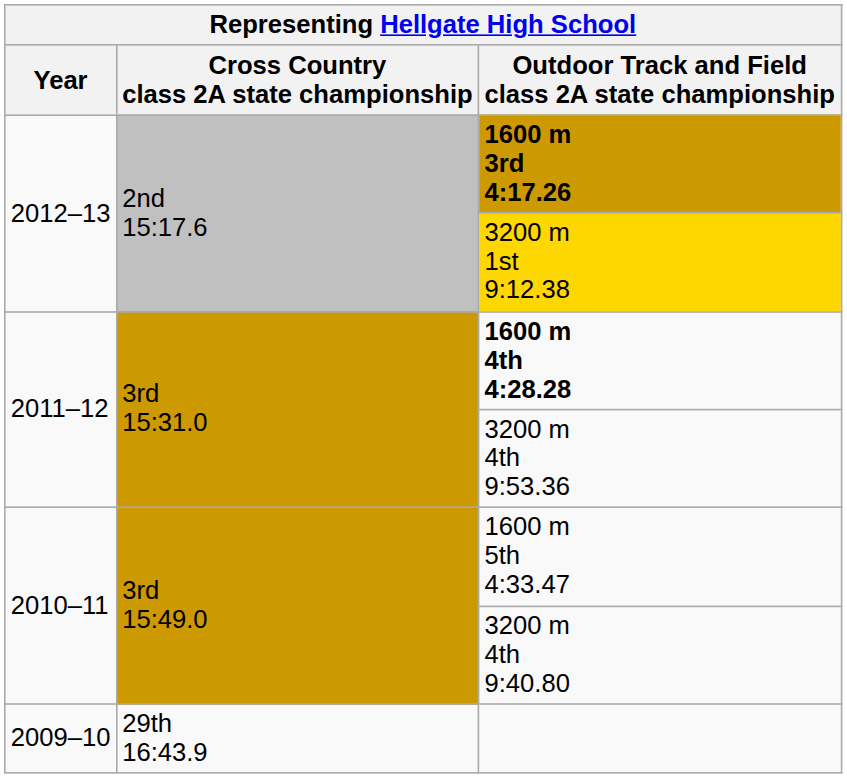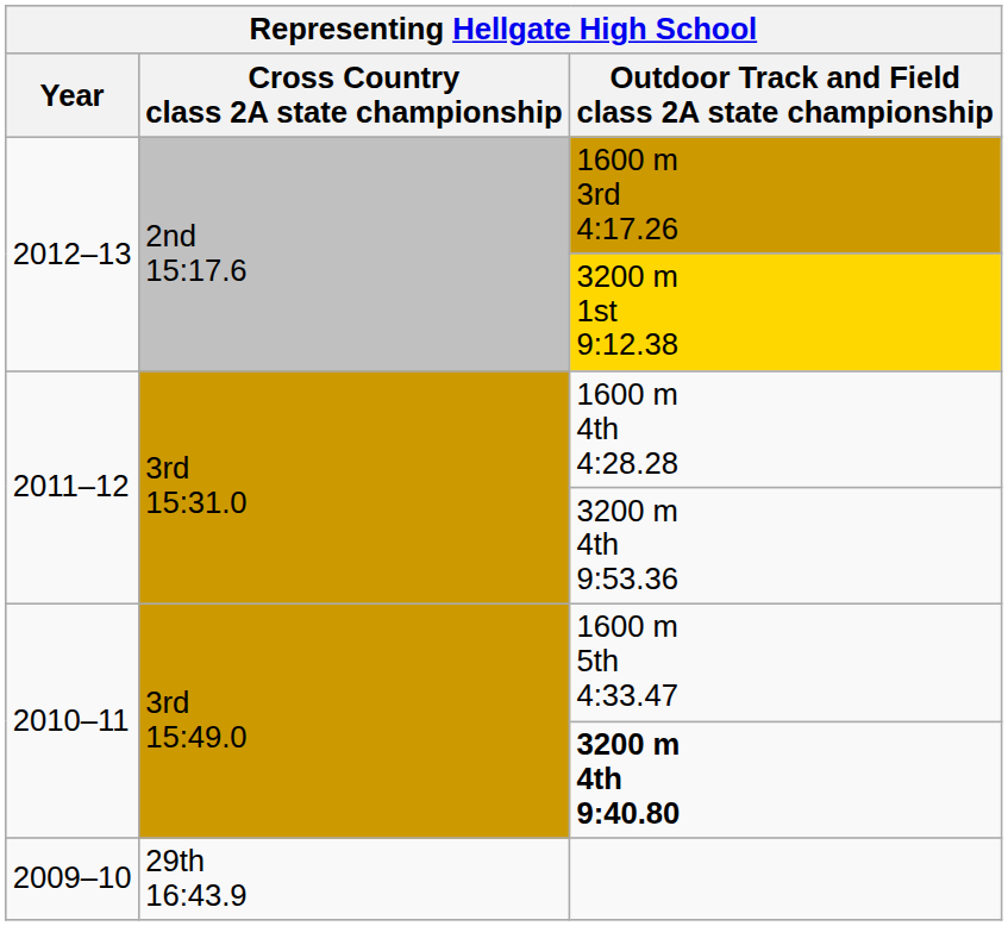 <table class="wikitable sortable">
 <tr>
 <th colspan=6>Representing <a href='#'>Hellgate High School</a></th>
 </tr>
 <tr>
 <th>Year</th>
 <th>Cross Country<br>class 2A state championship</th>
 <th>Outdoor Track and Field<br>class 2A state championship</th>
 </tr>
 <tr>
 <td rowspan=2>2012–13</td>
 <td rowspan=2 bgcolor=silver>2nd<br>15:17.6</td>
-<td bgcolor=cc9900><strong>1600 m<br>3rd<br>4:17.26</strong></td>
+<td bgcolor=cc9900>1600 m<br>3rd<br>4:17.26</td>
 </tr>
 <tr>
 <td bgcolor=gold>3200 m<br>1st<br>9:12.38</td>
 </tr>
 <tr>
 <td rowspan=2>2011–12</td>
 <td rowspan=2 bgcolor=cc9900>3rd<br>15:31.0</td>
-<td><strong>1600 m<br>4th<br>4:28.28</strong></td>
+<td>1600 m<br>4th<br>4:28.28</td>
 </tr>
 <tr>
 <td>3200 m<br>4th<br>9:53.36</td>
 </tr>
 <tr>
 <td rowspan=2>2010–11</td>
 <td rowspan=2 bgcolor=cc9900>3rd<br>15:49.0</td>
 <td>1600 m<br>5th<br>4:33.47</td>
 </tr>
 <tr>
-<td>3200 m<br>4th<br>9:40.80</td>
+<td><strong>3200 m<br>4th<br>9:40.80</strong></td>
 </tr>
 <tr>
 <td rowspan=1>2009–10</td>
 <td rowspan=1>29th<br>16:43.9</td>
 <td></td>
 </tr>
 </table>
